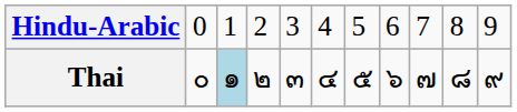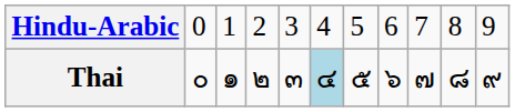 <table class="wikitable">
 <tr>
 <th><a href='#'>Hindu-Arabic</a></th>
 <td>0</td>
 <td>1</td>
 <td>2</td>
 <td>3</td>
 <td>4</td>
 <td>5</td>
 <td>6</td>
 <td>7</td>
 <td>8</td>
 <td>9</td>
 </tr>
 <tr>
 <th>Thai</th>
 <td>๐</td>
-<td style="background: lightblue;">๑</td>
+<td>๑</td>
 <td>๒</td>
 <td>๓</td>
-<td>๔</td>
+<td style="background: lightblue;">๔</td>
 <td>๕</td>
 <td>๖</td>
 <td>๗</td>
 <td>๘</td>
 <td>๙</td>
 </tr>
 </table>
